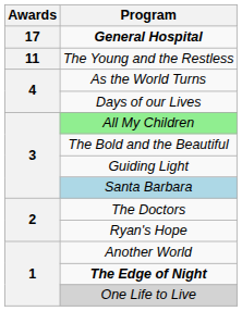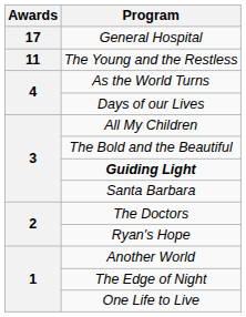 <table class="wikitable plainrowheaders sortable" rowspan=2 style="text-align: center;">
 <tr>
 <th scope="col" style="width:55px;">Awards</th>
 <th scope="col">Program</th>
 </tr>
 <tr>
 <th scope="row" style="text-align:center">17</th>
-<td><strong><em>General Hospital</em></strong></td>
+<td><em>General Hospital</em></td>
 </tr>
 <tr>
 <th scope="row" style="text-align:center">11</th>
 <td><em>The Young and the Restless</em></td>
 </tr>
 <tr>
 <th scope="row" rowspan=2 style="text-align:center">4</th>
 <td><em>As the World Turns</em></td>
 </tr>
 <tr>
 <td><em>Days of our Lives</em></td>
 </tr>
 <tr>
 <th scope="row" rowspan=4 style="text-align:center">3</th>
-<td style="background: lightgreen;"><em>All My Children</em></td>
+<td><em>All My Children</em></td>
 </tr>
 <tr>
 <td><em>The Bold and the Beautiful</em></td>
 </tr>
 <tr>
-<td><em>Guiding Light</em></td>
+<td><strong><em>Guiding Light</em></strong></td>
 </tr>
 <tr>
-<td style="background: lightblue;"><em>Santa Barbara</em></td>
+<td><em>Santa Barbara</em></td>
 </tr>
 <tr>
 <th scope="row" rowspan=2 style="text-align:center">2</th>
 <td><em>The Doctors</em></td>
 </tr>
 <tr>
 <td><em>Ryan's Hope</em></td>
 </tr>
 <tr>
 <th scope="row" rowspan=3 style="text-align:center">1</th>
 <td><em>Another World</em></td>
 </tr>
 <tr>
-<td><strong><em>The Edge of Night</em></strong></td>
+<td><em>The Edge of Night</em></td>
 </tr>
 <tr>
-<td style="background: lightgrey;"><em>One Life to Live</em></td>
+<td><em>One Life to Live</em></td>
 </tr>
 </table>
